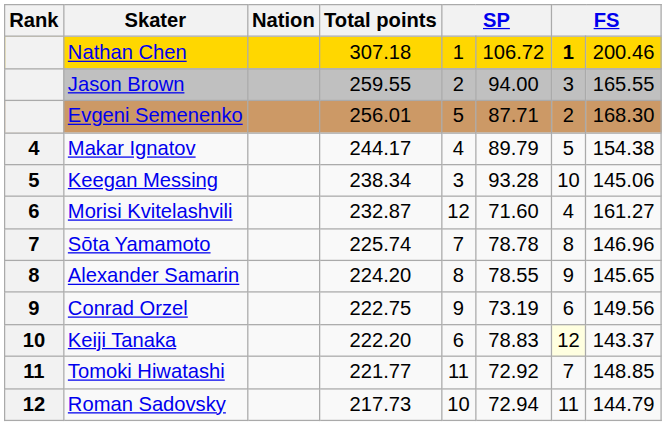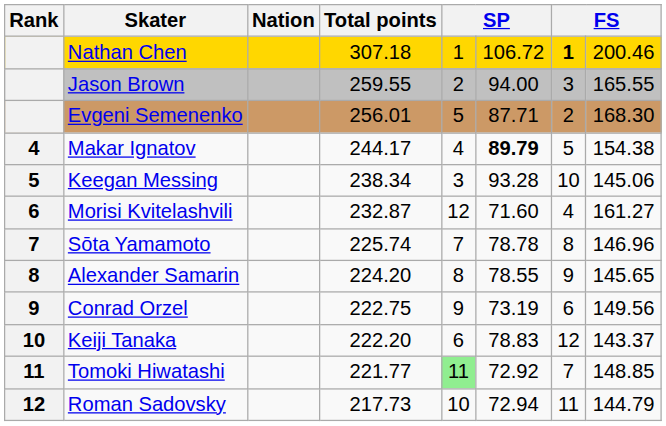 <table class="wikitable sortable" style="text-align:left">
 <tr>
 <th scope="col">Rank</th>
 <th scope="col">Skater</th>
 <th scope="col">Nation</th>
 <th scope="col">Total points</th>
 <th scope="col" colspan="2" width="80px"><a href='#'>SP</a></th>
 <th scope="col" colspan="2" width="80px"><a href='#'>FS</a></th>
 </tr>
 <tr bgcolor="gold">
 <th scope="row"></th>
 <td><a href='#'>Nathan Chen</a></td>
 <td></td>
 <td align="center">307.18</td>
 <td align="center">1</td>
 <td align="center">106.72</td>
 <td align="center"><strong>1</strong></td>
 <td align="center">200.46</td>
 </tr>
 <tr bgcolor="silver">
 <th scope="row"></th>
 <td><a href='#'>Jason Brown</a></td>
 <td></td>
 <td align="center">259.55</td>
 <td align="center">2</td>
 <td align="center">94.00</td>
 <td align="center">3</td>
 <td align="center">165.55</td>
 </tr>
 <tr bgcolor="cc9966">
 <th scope="row"></th>
 <td><a href='#'>Evgeni Semenenko</a></td>
 <td></td>
 <td align="center">256.01</td>
 <td align="center">5</td>
 <td align="center">87.71</td>
 <td align="center">2</td>
 <td align="center">168.30</td>
 </tr>
 <tr>
 <th scope="row">4</th>
 <td><a href='#'>Makar Ignatov</a></td>
 <td></td>
 <td align="center">244.17</td>
 <td align="center">4</td>
-<td align="center">89.79</td>
+<td align="center"><strong>89.79</strong></td>
 <td align="center">5</td>
 <td align="center">154.38</td>
 </tr>
 <tr>
 <th scope="row">5</th>
 <td><a href='#'>Keegan Messing</a></td>
 <td></td>
 <td align="center">238.34</td>
 <td align="center">3</td>
 <td align="center">93.28</td>
 <td align="center">10</td>
 <td align="center">145.06</td>
 </tr>
 <tr>
 <th scope="row">6</th>
 <td><a href='#'>Morisi Kvitelashvili</a></td>
 <td></td>
 <td align="center">232.87</td>
 <td align="center">12</td>
 <td align="center">71.60</td>
 <td align="center">4</td>
 <td align="center">161.27</td>
 </tr>
 <tr>
 <th scope="row">7</th>
 <td><a href='#'>Sōta Yamamoto</a></td>
 <td></td>
 <td align="center">225.74</td>
 <td align="center">7</td>
 <td align="center">78.78</td>
 <td align="center">8</td>
 <td align="center">146.96</td>
 </tr>
 <tr>
 <th scope="row">8</th>
 <td><a href='#'>Alexander Samarin</a></td>
 <td></td>
 <td align="center">224.20</td>
 <td align="center">8</td>
 <td align="center">78.55</td>
 <td align="center">9</td>
 <td align="center">145.65</td>
 </tr>
 <tr>
 <th scope="row">9</th>
 <td><a href='#'>Conrad Orzel</a></td>
 <td></td>
 <td align="center">222.75</td>
 <td align="center">9</td>
 <td align="center">73.19</td>
 <td align="center">6</td>
 <td align="center">149.56</td>
 </tr>
 <tr>
 <th scope="row">10</th>
 <td><a href='#'>Keiji Tanaka</a></td>
 <td></td>
 <td align="center">222.20</td>
 <td align="center">6</td>
 <td align="center">78.83</td>
-<td align="center" style="background: lightyellow;">12</td>
+<td align="center">12</td>
 <td align="center">143.37</td>
 </tr>
 <tr>
 <th scope="row">11</th>
 <td><a href='#'>Tomoki Hiwatashi</a></td>
 <td></td>
 <td align="center">221.77</td>
-<td align="center">11</td>
+<td align="center" style="background: lightgreen;">11</td>
 <td align="center">72.92</td>
 <td align="center">7</td>
 <td align="center">148.85</td>
 </tr>
 <tr>
 <th scope="row">12</th>
 <td><a href='#'>Roman Sadovsky</a></td>
 <td></td>
 <td align="center">217.73</td>
 <td align="center">10</td>
 <td align="center">72.94</td>
 <td align="center">11</td>
 <td align="center">144.79</td>
 </tr>
 </table>
